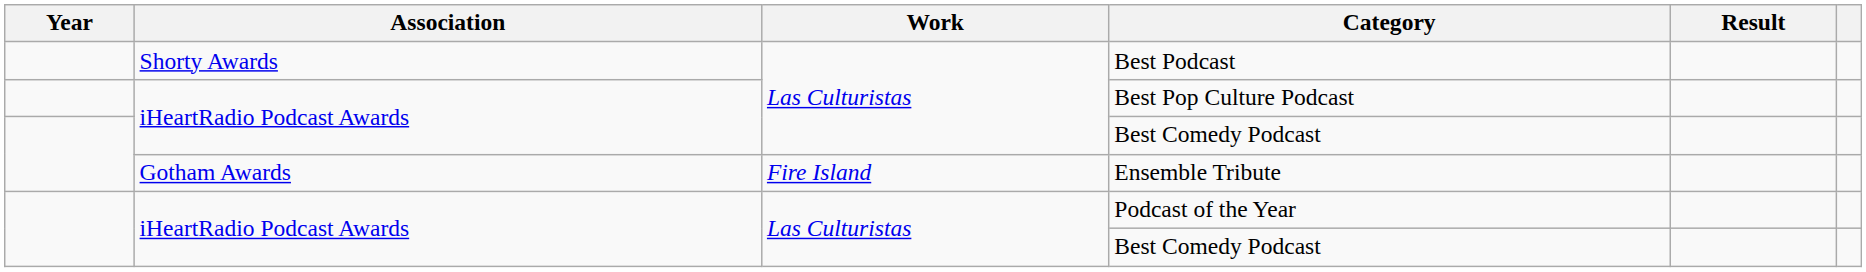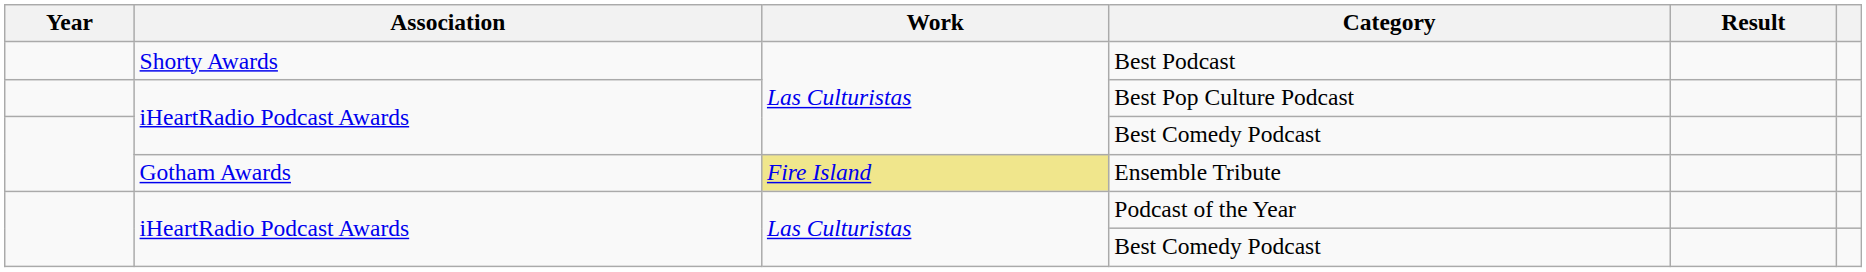 <table class="wikitable sortable" style="width:100%">
 <tr>
 <th>Year</th>
 <th>Association</th>
 <th>Work</th>
 <th>Category</th>
 <th>Result</th>
 <th></th>
 </tr>
 <tr>
 <td></td>
 <td><a href='#'>Shorty Awards</a></td>
 <td rowspan=3><em><a href='#'>Las Culturistas</a></em></td>
 <td>Best Podcast</td>
 <td></td>
 <td></td>
 </tr>
 <tr>
 <td></td>
 <td rowspan=2><a href='#'>iHeartRadio Podcast Awards</a></td>
 <td>Best Pop Culture Podcast</td>
 <td></td>
 <td></td>
 </tr>
 <tr>
 <td rowspan=2></td>
 <td>Best Comedy Podcast</td>
 <td></td>
 <td></td>
 </tr>
 <tr>
 <td><a href='#'>Gotham Awards</a></td>
-<td><a href='#'><em>Fire Island</em></a></td>
+<td style="background: khaki;"><a href='#'><em>Fire Island</em></a></td>
 <td>Ensemble Tribute</td>
 <td></td>
 <td></td>
 </tr>
 <tr>
 <td rowspan=2></td>
 <td rowspan=2><a href='#'>iHeartRadio Podcast Awards</a></td>
 <td rowspan=2><em><a href='#'>Las Culturistas</a></em></td>
 <td>Podcast of the Year</td>
 <td></td>
 <td></td>
 </tr>
 <tr>
 <td>Best Comedy Podcast</td>
 <td></td>
 <td></td>
 </tr>
 </table>
